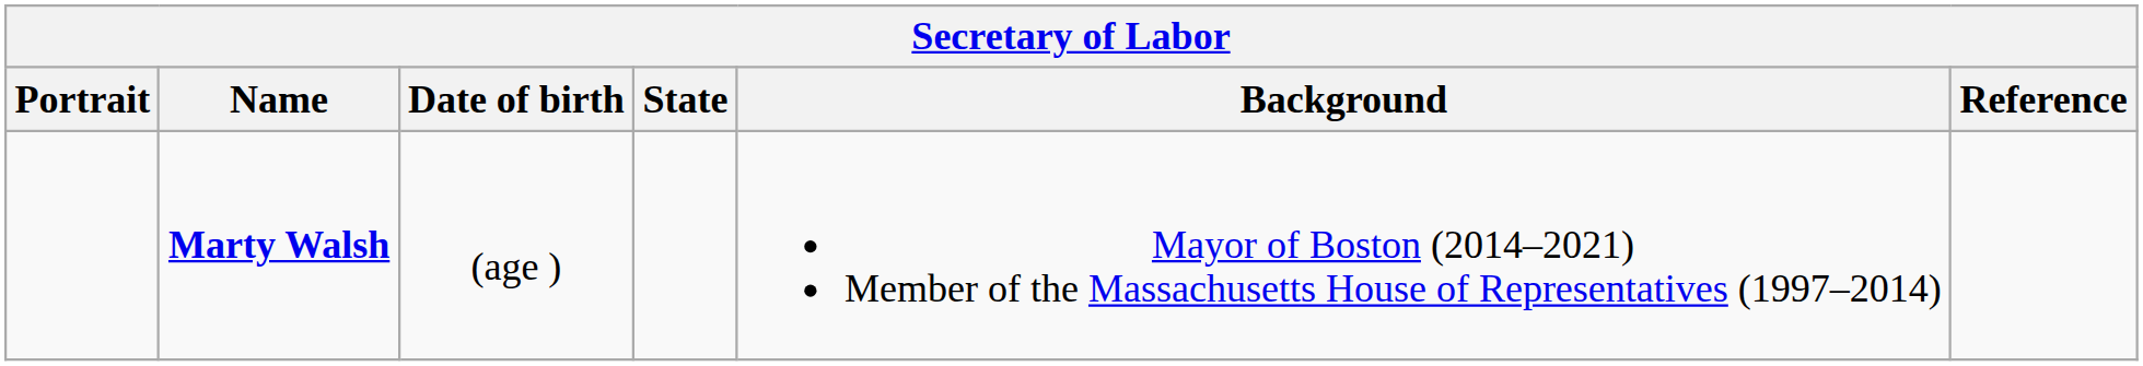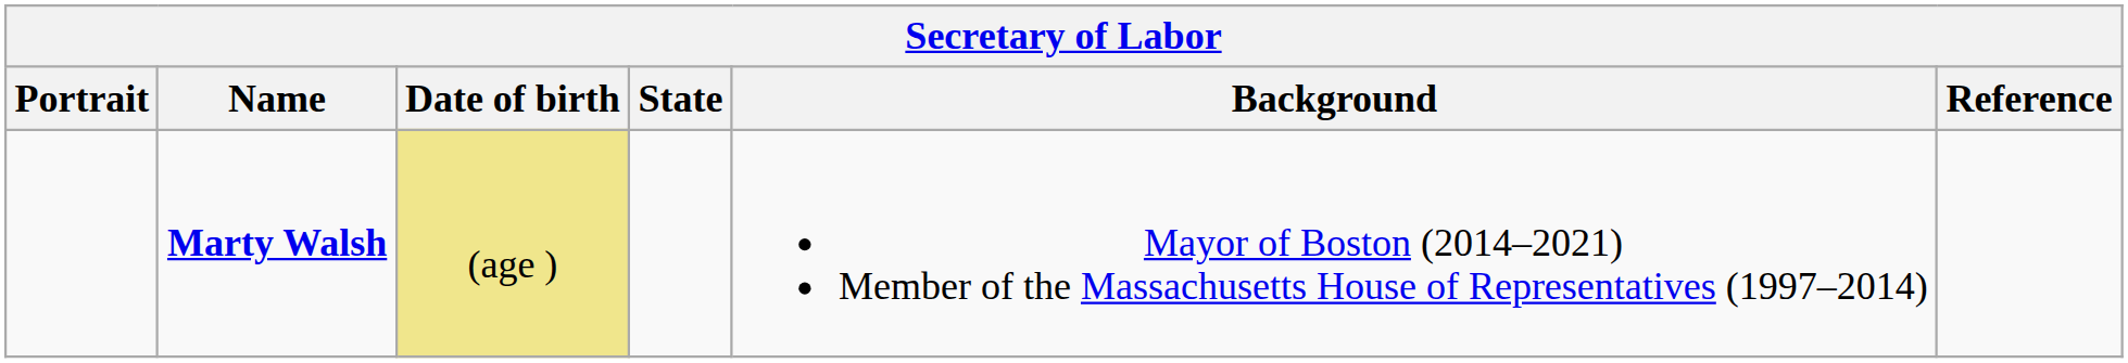 <table class="wikitable collapsible" style="text-align:center;">
 <tr>
 <th colspan="6"><a href='#'>Secretary of Labor</a></th>
 </tr>
 <tr>
 <th>Portrait</th>
 <th>Name</th>
 <th>Date of birth</th>
 <th>State</th>
 <th>Background</th>
 <th>Reference</th>
 </tr>
 <tr>
 <td></td>
 <td><strong><a href='#'>Marty Walsh</a></strong></td>
-<td><br>(age )</td>
+<td style="background: khaki;"><br>(age )</td>
 <td></td>
 <td><br><ul><li><a href='#'>Mayor of Boston</a> (2014–2021)</li><li>Member of the <a href='#'>Massachusetts House of Representatives</a> (1997–2014)</li></ul></td>
 <td></td>
 </tr>
 </table>
